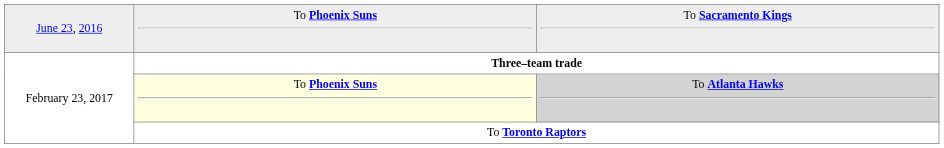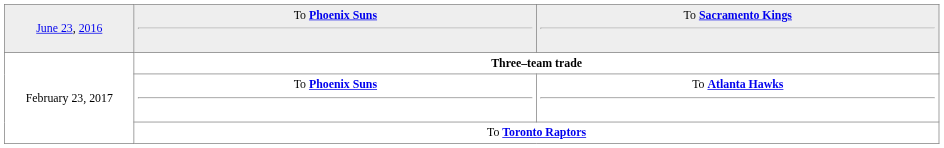 <table border="1" style="border-collapse:collapse; text-align:center; width:100%;"  cellpadding="5">
 <tr style="background:#eee;">
 <td style="width:10%"><a href='#'>June 23</a>, <a href='#'>2016</a></td>
 <td style="width:31%; vertical-align:top;">To <strong><a href='#'>Phoenix Suns</a></strong><hr><br></td>
 <td style="width:31%; vertical-align:top;">To <strong><a href='#'>Sacramento Kings</a></strong><hr><br></td>
 </tr>
 <tr>
 <td rowspan=3>February 23, 2017</td>
 <td colspan=2><strong>Three–team trade</strong></td>
 </tr>
 <tr>
-<td style="background: lightyellow; width:31%; vertical-align:top;">To <strong><a href='#'>Phoenix Suns</a></strong><hr><br></td>
-<td style="background: lightgrey; width:31%; vertical-align:top;">To <strong><a href='#'>Atlanta Hawks</a></strong><hr><br></td>
+<td style="width:31%; vertical-align:top;">To <strong><a href='#'>Phoenix Suns</a></strong><hr><br></td>
+<td style="width:31%; vertical-align:top;">To <strong><a href='#'>Atlanta Hawks</a></strong><hr><br></td>
 </tr>
 <tr>
 <td colspan="2" align="center" valign="top;">To <strong><a href='#'>Toronto Raptors</a></strong><br></td>
 </tr>
 </table>
